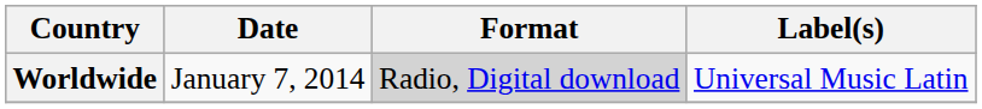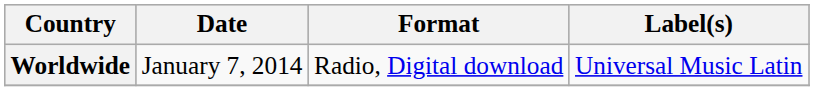 <table class="wikitable plainrowheaders">
 <tr>
 <th>Country</th>
 <th>Date</th>
 <th>Format</th>
 <th>Label(s)</th>
 </tr>
 <tr>
 <th scope="row">Worldwide</th>
 <td>January 7, 2014</td>
-<td style="background: lightgrey;">Radio, <a href='#'>Digital download</a></td>
+<td>Radio, <a href='#'>Digital download</a></td>
 <td><a href='#'>Universal Music Latin</a></td>
 </tr>
 <tr>
 </tr>
 </table>
